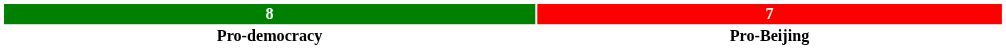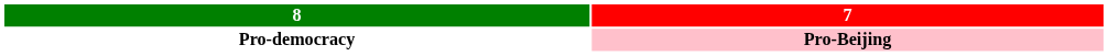 <table style="width:50%; text-align:center;">
 <tr style="color:white;">
 <td style="background:green; width:53.33%;"><strong>8</strong></td>
 <td style="background:red; width:46.67%;"><strong>7</strong></td>
 </tr>
 <tr>
 <td><span><strong>Pro-democracy</strong></span></td>
-<td><span><strong>Pro-Beijing</strong></span></td>
+<td style="background: pink;"><span><strong>Pro-Beijing</strong></span></td>
 </tr>
 <tr>
 </tr>
 </table>
